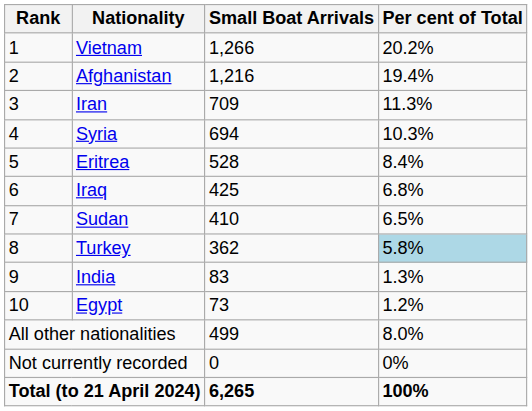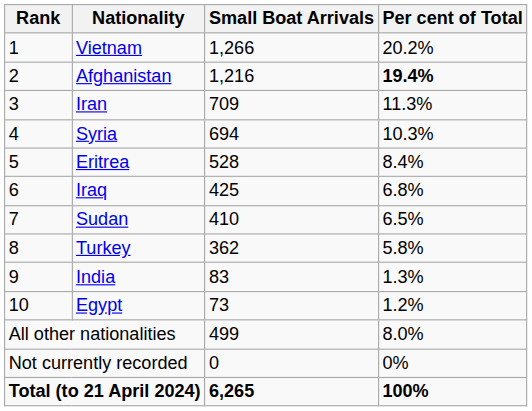 <table class="wikitable sortable">
 <tr>
 <th>Rank</th>
 <th>Nationality</th>
 <th>Small Boat Arrivals</th>
 <th>Per cent of Total</th>
 </tr>
 <tr>
 <td>1</td>
 <td> <a href='#'>Vietnam</a></td>
 <td>1,266</td>
 <td>20.2%</td>
 </tr>
 <tr>
 <td>2</td>
 <td> <a href='#'>Afghanistan</a></td>
 <td>1,216</td>
-<td>19.4%</td>
+<td><strong>19.4%</strong></td>
 </tr>
 <tr>
 <td>3</td>
 <td> <a href='#'>Iran</a></td>
 <td>709</td>
 <td>11.3%</td>
 </tr>
 <tr>
 <td>4</td>
 <td> <a href='#'>Syria</a></td>
 <td>694</td>
 <td>10.3%</td>
 </tr>
 <tr>
 <td>5</td>
 <td> <a href='#'>Eritrea</a></td>
 <td>528</td>
 <td>8.4%</td>
 </tr>
 <tr>
 <td>6</td>
 <td> <a href='#'>Iraq</a></td>
 <td>425</td>
 <td>6.8%</td>
 </tr>
 <tr>
 <td>7</td>
 <td> <a href='#'>Sudan</a></td>
 <td>410</td>
 <td>6.5%</td>
 </tr>
 <tr>
 <td>8</td>
 <td> <a href='#'>Turkey</a></td>
 <td>362</td>
-<td style="background: lightblue;">5.8%</td>
+<td>5.8%</td>
 </tr>
 <tr>
 <td>9</td>
 <td> <a href='#'>India</a></td>
 <td>83</td>
 <td>1.3%</td>
 </tr>
 <tr>
 <td>10</td>
 <td> <a href='#'>Egypt</a></td>
 <td>73</td>
 <td>1.2%</td>
 </tr>
 <tr>
 <td colspan="2">All other nationalities</td>
 <td>499</td>
 <td>8.0%</td>
 </tr>
 <tr>
 <td colspan="2">Not currently recorded</td>
 <td>0</td>
 <td>0%</td>
 </tr>
 <tr>
 <td colspan="2"><strong>Total (to 21 April 2024)</strong></td>
 <td><strong>6,265</strong></td>
 <td><strong>100%</strong></td>
 </tr>
 </table>
